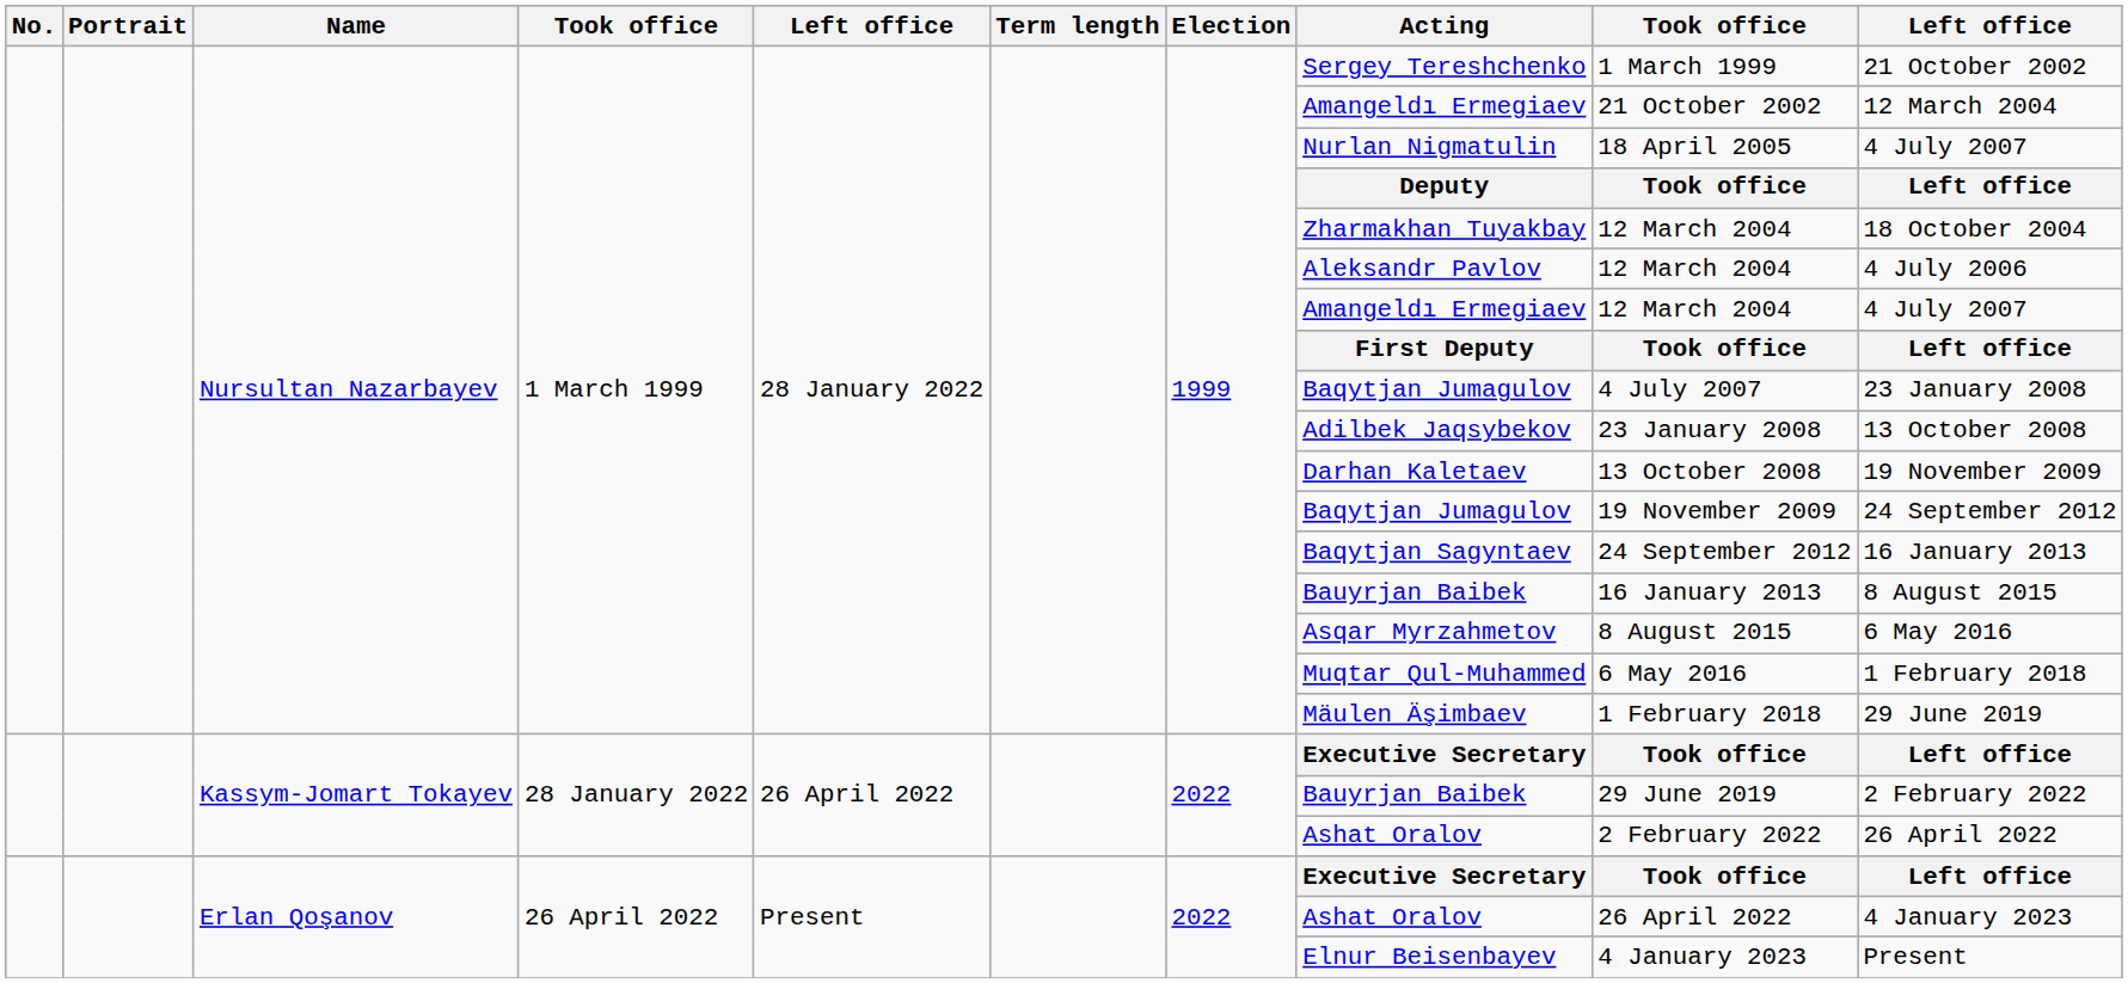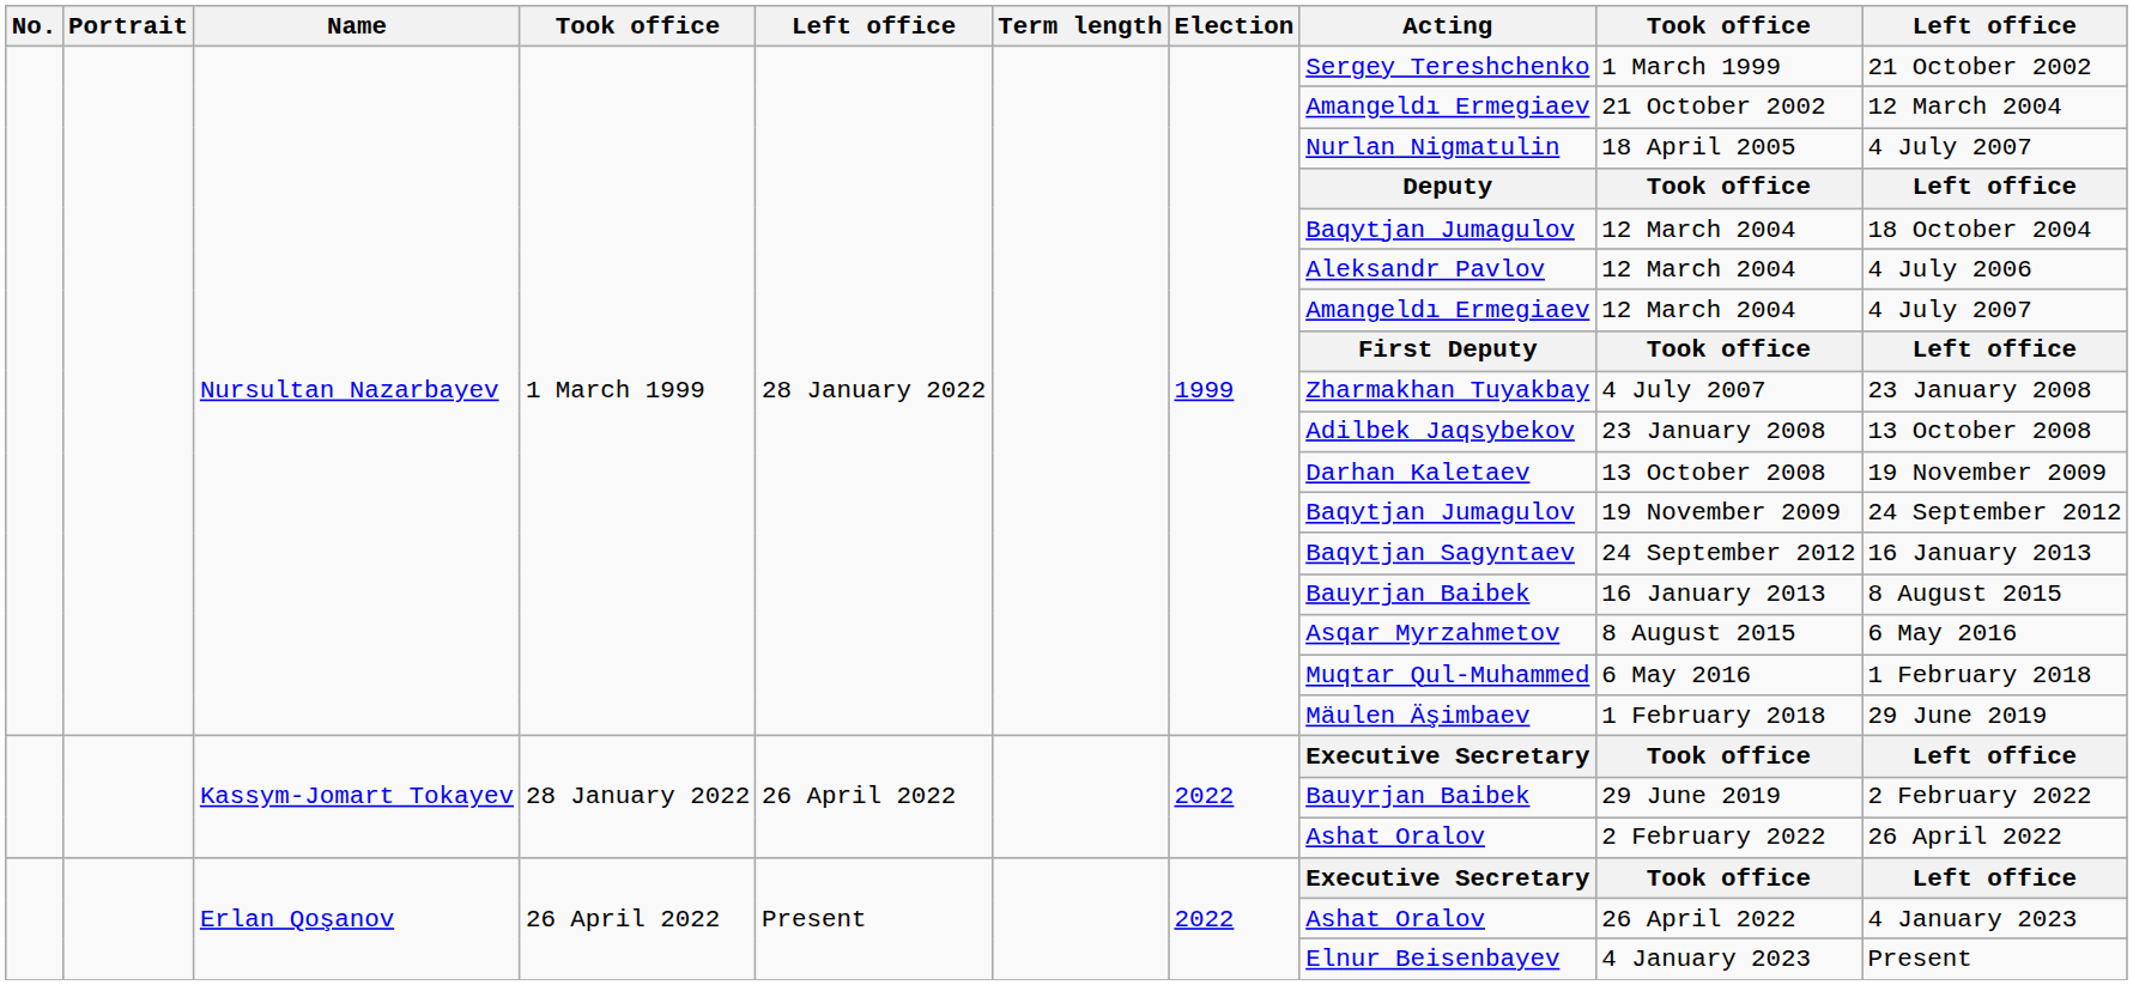 <table class="wikitable">
 <tr>
 <th>No.</th>
 <th>Portrait</th>
 <th>Name<br></th>
 <th>Took office</th>
 <th>Left office</th>
 <th>Term length</th>
 <th>Election</th>
 <th>Acting</th>
 <th>Took office</th>
 <th>Left office</th>
 </tr>
 <tr>
 <td rowspan="17" style="background:"></td>
 <td rowspan="17"></td>
 <td rowspan="17"><a href='#'>Nursultan Nazarbayev</a><br></td>
 <td rowspan="17">1 March 1999</td>
 <td rowspan="17">28 January 2022</td>
 <td rowspan="17"></td>
 <td rowspan="17"><a href='#'>1999</a></td>
 <td><a href='#'>Sergey Tereshchenko</a></td>
 <td>1 March 1999</td>
 <td>21 October 2002</td>
 </tr>
 <tr>
 <td><a href='#'>Amangeldı Ermegiaev</a></td>
 <td>21 October 2002</td>
 <td>12 March 2004</td>
 </tr>
 <tr>
 <td><a href='#'>Nurlan Nigmatulin</a></td>
 <td>18 April 2005</td>
 <td>4 July 2007</td>
 </tr>
 <tr>
 <th>Deputy</th>
 <th>Took office</th>
 <th>Left office</th>
 </tr>
 <tr>
-<td><a href='#'>Zharmakhan Tuyakbay</a></td>
+<td><a href='#'>Baqytjan Jumagulov</a></td>
 <td>12 March 2004</td>
 <td>18 October 2004</td>
 </tr>
 <tr>
 <td><a href='#'>Aleksandr Pavlov</a></td>
 <td>12 March 2004</td>
 <td>4 July 2006</td>
 </tr>
 <tr>
 <td><a href='#'>Amangeldı Ermegiaev</a></td>
 <td>12 March 2004</td>
 <td>4 July 2007</td>
 </tr>
 <tr>
 <th>First Deputy</th>
 <th>Took office</th>
 <th>Left office</th>
 </tr>
 <tr>
-<td><a href='#'>Baqytjan Jumagulov</a></td>
+<td><a href='#'>Zharmakhan Tuyakbay</a></td>
 <td>4 July 2007</td>
 <td>23 January 2008</td>
 </tr>
 <tr>
 <td><a href='#'>Adilbek Jaqsybekov</a></td>
 <td>23 January 2008</td>
 <td>13 October 2008</td>
 </tr>
 <tr>
 <td><a href='#'>Darhan Kaletaev</a></td>
 <td>13 October 2008</td>
 <td>19 November 2009</td>
 </tr>
 <tr>
 <td><a href='#'>Baqytjan Jumagulov</a></td>
 <td>19 November 2009</td>
 <td>24 September 2012</td>
 </tr>
 <tr>
 <td><a href='#'>Baqytjan Sagyntaev</a></td>
 <td>24 September 2012</td>
 <td>16 January 2013</td>
 </tr>
 <tr>
 <td><a href='#'>Bauyrjan Baibek</a></td>
 <td>16 January 2013</td>
 <td>8 August 2015</td>
 </tr>
 <tr>
 <td><a href='#'>Asqar Myrzahmetov</a></td>
 <td>8 August 2015</td>
 <td>6 May 2016</td>
 </tr>
 <tr>
 <td><a href='#'>Muqtar Qul-Muhammed</a></td>
 <td>6 May 2016</td>
 <td>1 February 2018</td>
 </tr>
 <tr>
 <td><a href='#'>Mäulen Äşimbaev</a></td>
 <td>1 February 2018</td>
 <td>29 June 2019</td>
 </tr>
 <tr>
 <td rowspan="3" style="background:"></td>
 <td rowspan="3"></td>
 <td rowspan="3"><a href='#'>Kassym-Jomart Tokayev</a><br></td>
 <td rowspan="3">28 January 2022</td>
 <td rowspan="3">26 April 2022</td>
 <td rowspan="3"></td>
 <td rowspan="3"><a href='#'>2022</a></td>
 <th>Executive Secretary</th>
 <th>Took office</th>
 <th>Left office</th>
 </tr>
 <tr>
 <td><a href='#'>Bauyrjan Baibek</a></td>
 <td>29 June 2019</td>
 <td>2 February 2022</td>
 </tr>
 <tr>
 <td><a href='#'>Ashat Oralov</a></td>
 <td>2 February 2022</td>
 <td>26 April 2022</td>
 </tr>
 <tr>
 <td rowspan="3" style="background:"></td>
 <td rowspan="3"></td>
 <td rowspan="3"><a href='#'>Erlan Qoşanov</a><br></td>
 <td rowspan="3">26 April 2022</td>
 <td rowspan="3">Present</td>
 <td rowspan="3"></td>
 <td rowspan="3"><a href='#'>2022</a></td>
 <th>Executive Secretary</th>
 <th>Took office</th>
 <th>Left office</th>
 </tr>
 <tr>
 <td><a href='#'>Ashat Oralov</a></td>
 <td>26 April 2022</td>
 <td>4 January 2023</td>
 </tr>
 <tr>
 <td><a href='#'>Elnur Beisenbayev</a></td>
 <td>4 January 2023</td>
 <td>Present</td>
 </tr>
 <tr>
 </tr>
 </table>
